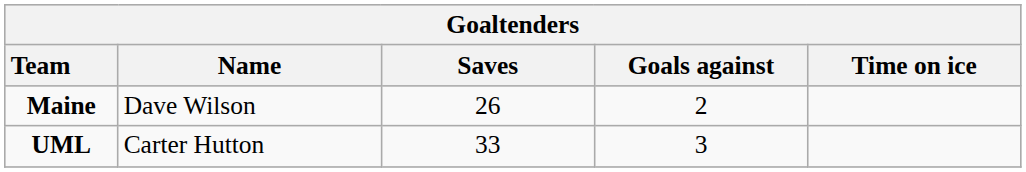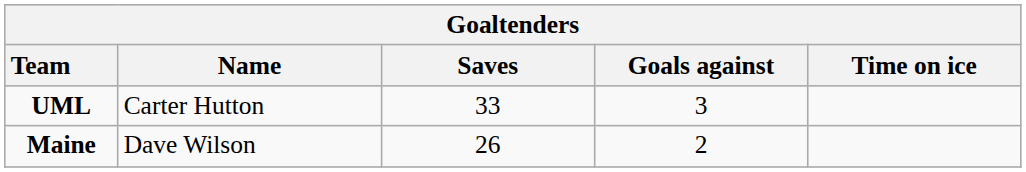 <table class="wikitable" style="width:40em; text-align:right;">
 <tr>
 <th colspan=5>Goaltenders</th>
 </tr>
 <tr>
 <th style="width:4em; text-align:left;">Team</th>
 <th style="width:10em;">Name</th>
 <th style="width:8em;">Saves</th>
 <th style="width:8em;">Goals against</th>
 <th style="width:8em;">Time on ice</th>
 </tr>
 <tr>
+<td align=center><strong>UML</strong></td>
+<td style="text-align:left;">Carter Hutton</td>
+<td align=center>33</td>
+<td align=center>3</td>
+<td align=center></td>
+</tr>
+<tr>
 <td align=center><strong>Maine</strong></td>
 <td style="text-align:left;">Dave Wilson</td>
 <td align=center>26</td>
 <td align=center>2</td>
 <td align=center></td>
 </tr>
-<tr>
-<td align=center><strong>UML</strong></td>
-<td style="text-align:left;">Carter Hutton</td>
-<td align=center>33</td>
-<td align=center>3</td>
-<td align=center></td>
-</tr>
 </table>
